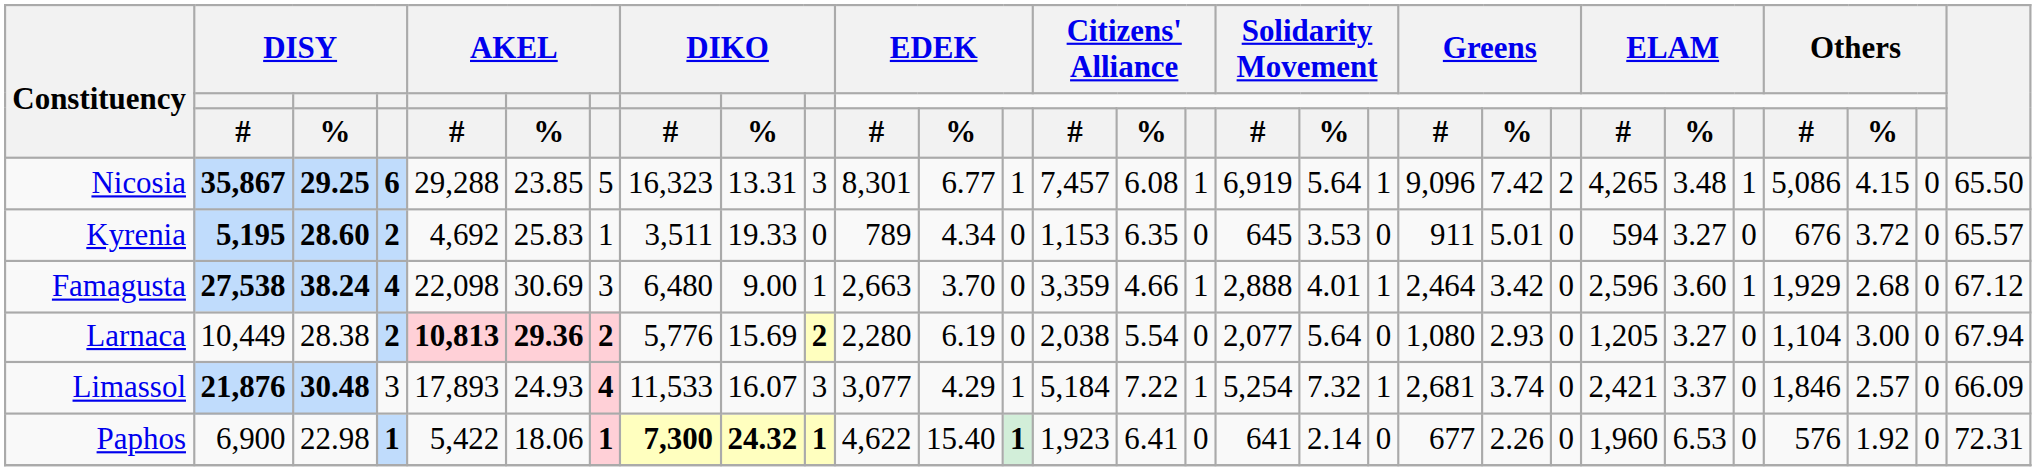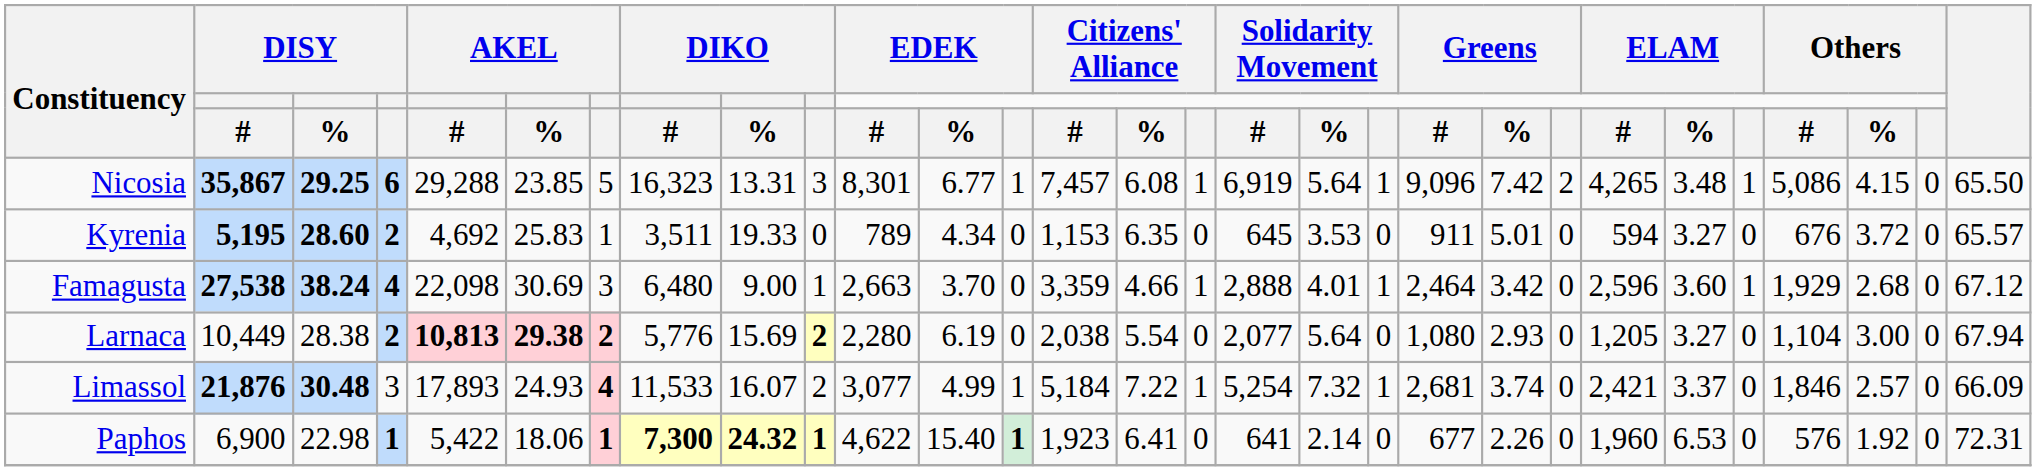 <table class="wikitable sortable" style="font-size:90%;text-align:right;">
 <tr>
 <th rowspan="3"><br>Constituency</th>
 <th colspan="3"><a href='#'>DISY</a></th>
 <th colspan="3"><a href='#'>AKEL</a></th>
 <th colspan="3"><a href='#'>DIKO</a></th>
 <th colspan="3"><a href='#'>EDEK</a></th>
 <th colspan="3"><a href='#'>Citizens' Alliance</a></th>
 <th colspan="3"><a href='#'>Solidarity Movement</a></th>
 <th colspan="3"><a href='#'>Greens</a></th>
 <th colspan="3"><a href='#'>ELAM</a></th>
 <th colspan="3">Others</th>
 <th rowspan="3"></th>
 </tr>
 <tr>
 <th style="background:"></th>
 <th style="background:"></th>
 <th style="background:"></th>
 <th style="background:"></th>
 <th style="background:"></th>
 <th style="background:"></th>
 <th style="background:"></th>
 <th style="background:"></th>
 <th style="background:"></th>
 </tr>
 <tr>
 <th>#</th>
 <th>%</th>
 <th></th>
 <th>#</th>
 <th>%</th>
 <th></th>
 <th>#</th>
 <th>%</th>
 <th></th>
 <th>#</th>
 <th>%</th>
 <th></th>
 <th>#</th>
 <th>%</th>
 <th></th>
 <th>#</th>
 <th>%</th>
 <th></th>
 <th>#</th>
 <th>%</th>
 <th></th>
 <th>#</th>
 <th>%</th>
 <th></th>
 <th>#</th>
 <th>%</th>
 <th></th>
 </tr>
 <tr>
 <td><a href='#'>Nicosia</a></td>
 <td style="background:#c0dcfc;"><strong>35,867</strong></td>
 <td style="background:#c0dcfc;"><strong>29.25</strong></td>
 <td style="background:#c0dcfc;"><strong>6</strong></td>
 <td>29,288</td>
 <td>23.85</td>
 <td>5</td>
 <td>16,323</td>
 <td>13.31</td>
 <td>3</td>
 <td>8,301</td>
 <td>6.77</td>
 <td>1</td>
 <td>7,457</td>
 <td>6.08</td>
 <td>1</td>
 <td>6,919</td>
 <td>5.64</td>
 <td>1</td>
 <td>9,096</td>
 <td>7.42</td>
 <td>2</td>
 <td>4,265</td>
 <td>3.48</td>
 <td>1</td>
 <td>5,086</td>
 <td>4.15</td>
 <td>0</td>
 <td>65.50</td>
 </tr>
 <tr>
 <td><a href='#'>Kyrenia</a></td>
 <td style="background:#c0dcfc;"><strong>5,195</strong></td>
 <td style="background:#c0dcfc;"><strong>28.60</strong></td>
 <td style="background:#c0dcfc;"><strong>2</strong></td>
 <td>4,692</td>
 <td>25.83</td>
 <td>1</td>
 <td>3,511</td>
 <td>19.33</td>
 <td>0</td>
 <td>789</td>
 <td>4.34</td>
 <td>0</td>
 <td>1,153</td>
 <td>6.35</td>
 <td>0</td>
 <td>645</td>
 <td>3.53</td>
 <td>0</td>
 <td>911</td>
 <td>5.01</td>
 <td>0</td>
 <td>594</td>
 <td>3.27</td>
 <td>0</td>
 <td>676</td>
 <td>3.72</td>
 <td>0</td>
 <td>65.57</td>
 </tr>
 <tr>
 <td><a href='#'>Famagusta</a></td>
 <td style="background:#c0dcfc;"><strong>27,538</strong></td>
 <td style="background:#c0dcfc;"><strong>38.24</strong></td>
 <td style="background:#c0dcfc;"><strong>4</strong></td>
 <td>22,098</td>
 <td>30.69</td>
 <td>3</td>
 <td>6,480</td>
 <td>9.00</td>
 <td>1</td>
 <td>2,663</td>
 <td>3.70</td>
 <td>0</td>
 <td>3,359</td>
 <td>4.66</td>
 <td>1</td>
 <td>2,888</td>
 <td>4.01</td>
 <td>1</td>
 <td>2,464</td>
 <td>3.42</td>
 <td>0</td>
 <td>2,596</td>
 <td>3.60</td>
 <td>1</td>
 <td>1,929</td>
 <td>2.68</td>
 <td>0</td>
 <td>67.12</td>
 </tr>
 <tr>
 <td><a href='#'>Larnaca</a></td>
 <td>10,449</td>
 <td>28.38</td>
 <td style="background:#c0dcfc;"><strong>2</strong></td>
 <td style="background:#FFD0D7;"><strong>10,813</strong></td>
-<td style="background:#FFD0D7;"><strong>29.36</strong></td>
+<td style="background:#FFD0D7;"><strong>29.38</strong></td>
 <td style="background:#FFD0D7;"><strong>2</strong></td>
 <td>5,776</td>
 <td>15.69</td>
 <td style="background:#FFFFBF;"><strong>2</strong></td>
 <td>2,280</td>
 <td>6.19</td>
 <td>0</td>
 <td>2,038</td>
 <td>5.54</td>
 <td>0</td>
 <td>2,077</td>
 <td>5.64</td>
 <td>0</td>
 <td>1,080</td>
 <td>2.93</td>
 <td>0</td>
 <td>1,205</td>
 <td>3.27</td>
 <td>0</td>
 <td>1,104</td>
 <td>3.00</td>
 <td>0</td>
 <td>67.94</td>
 </tr>
 <tr>
 <td><a href='#'>Limassol</a></td>
 <td style="background:#c0dcfc;"><strong>21,876</strong></td>
 <td style="background:#c0dcfc;"><strong>30.48</strong></td>
 <td>3</td>
 <td>17,893</td>
 <td>24.93</td>
 <td style="background:#FFD0D7;"><strong>4</strong></td>
 <td>11,533</td>
 <td>16.07</td>
-<td>3</td>
+<td>2</td>
 <td>3,077</td>
-<td>4.29</td>
+<td>4.99</td>
 <td>1</td>
 <td>5,184</td>
 <td>7.22</td>
 <td>1</td>
 <td>5,254</td>
 <td>7.32</td>
 <td>1</td>
 <td>2,681</td>
 <td>3.74</td>
 <td>0</td>
 <td>2,421</td>
 <td>3.37</td>
 <td>0</td>
 <td>1,846</td>
 <td>2.57</td>
 <td>0</td>
 <td>66.09</td>
 </tr>
 <tr>
 <td><a href='#'>Paphos</a></td>
 <td>6,900</td>
 <td>22.98</td>
 <td style="background:#c0dcfc;"><strong>1</strong></td>
 <td>5,422</td>
 <td>18.06</td>
 <td style="background:#FFD0D7;"><strong>1</strong></td>
 <td style="background:#FFFFBF;"><strong>7,300</strong></td>
 <td style="background:#FFFFBF;"><strong>24.32</strong></td>
 <td style="background:#FFFFBF;"><strong>1</strong></td>
 <td>4,622</td>
 <td>15.40</td>
 <td style="background:#D2EED9;"><strong>1</strong></td>
 <td>1,923</td>
 <td>6.41</td>
 <td>0</td>
 <td>641</td>
 <td>2.14</td>
 <td>0</td>
 <td>677</td>
 <td>2.26</td>
 <td>0</td>
 <td>1,960</td>
 <td>6.53</td>
 <td>0</td>
 <td>576</td>
 <td>1.92</td>
 <td>0</td>
 <td>72.31</td>
 </tr>
 <tr>
 </tr>
 </table>
